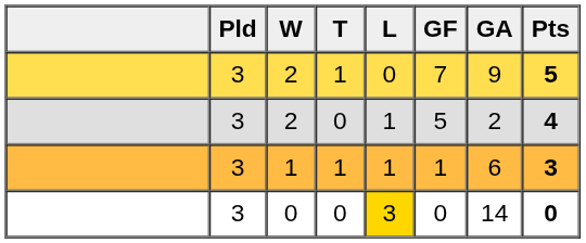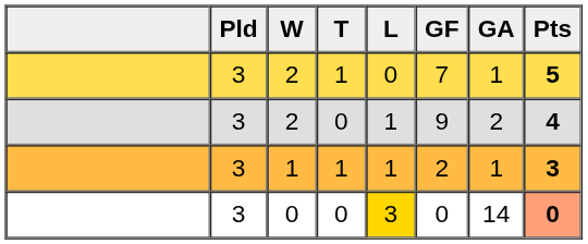 <table border=1 cellpadding=5 cellspacing=0>
 <tr>
 <th bgcolor="#efefef" width="120"></th>
 <th bgcolor="#efefef" width="20">Pld</th>
 <th bgcolor="#efefef" width="20">W</th>
 <th bgcolor="#efefef" width="20">T</th>
 <th bgcolor="#efefef" width="20">L</th>
 <th bgcolor="#efefef" width="20">GF</th>
 <th bgcolor="#efefef" width="20">GA</th>
 <th bgcolor="#efefef" width="20">Pts</th>
 </tr>
 <tr align=center bgcolor="#ffde4f">
 <td align=left></td>
 <td>3</td>
 <td>2</td>
 <td>1</td>
 <td>0</td>
 <td>7</td>
-<td>9</td>
+<td>1</td>
 <td><strong>5</strong></td>
 </tr>
 <tr align=center bgcolor="#dfdfdf">
 <td align=left></td>
 <td>3</td>
 <td>2</td>
 <td>0</td>
 <td>1</td>
-<td>5</td>
+<td>9</td>
 <td>2</td>
 <td><strong>4</strong></td>
 </tr>
 <tr align=center bgcolor="#ffbb43">
 <td align=left></td>
 <td>3</td>
 <td>1</td>
 <td>1</td>
 <td>1</td>
+<td>2</td>
 <td>1</td>
-<td>6</td>
 <td><strong>3</strong></td>
 </tr>
 <tr align=center>
 <td align=left></td>
 <td>3</td>
 <td>0</td>
 <td>0</td>
 <td style="background: gold;">3</td>
 <td>0</td>
 <td>14</td>
-<td><strong>0</strong></td>
+<td style="background: lightsalmon;"><strong>0</strong></td>
 </tr>
 <tr align=center>
 </tr>
 </table>
